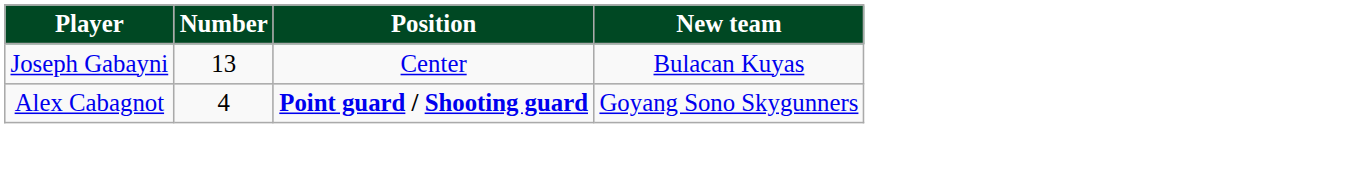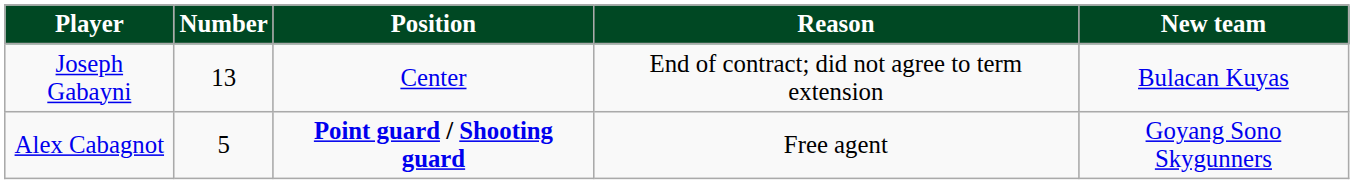 <table class="wikitable sortable sortable">
 <tr>
 <th style="background:#004823; color:#FFFFFF; ">Player</th>
 <th style="background:#004823; color:#FFFFFF; ">Number</th>
 <th style="background:#004823; color:#FFFFFF; ">Position</th>
+<th style="background:#004823; color:#FFFFFF; ">Reason</th>
 <th style="background:#004823; color:#FFFFFF; ">New team</th>
 </tr>
 <tr style="text-align: center">
 <td><a href='#'>Joseph Gabayni</a></td>
 <td>13</td>
 <td><a href='#'>Center</a></td>
+<td>End of contract; did not agree to term extension</td>
 <td><a href='#'>Bulacan Kuyas</a> </td>
 </tr>
 <tr style="text-align: center">
 <td><a href='#'>Alex Cabagnot</a></td>
-<td>4</td>
+<td>5</td>
 <td><strong><a href='#'>Point guard</a> / <a href='#'>Shooting guard</a></strong></td>
+<td>Free agent</td>
 <td><a href='#'>Goyang Sono Skygunners</a> </td>
 </tr>
 </table>
